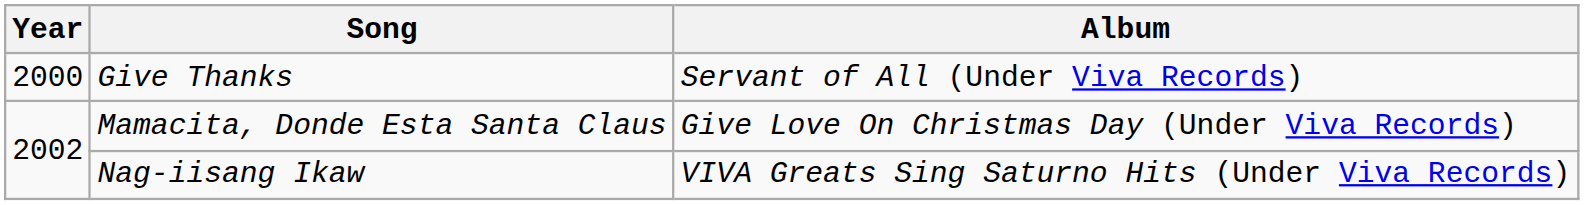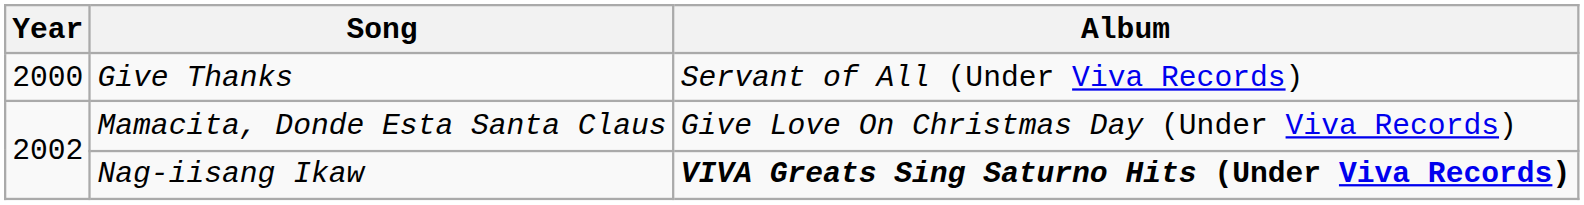 <table class="wikitable">
 <tr>
 <th>Year</th>
 <th>Song</th>
 <th>Album</th>
 </tr>
 <tr>
 <td>2000</td>
 <td><em>Give Thanks</em></td>
 <td><em>Servant of All</em> (Under <a href='#'>Viva Records</a>)</td>
 </tr>
 <tr>
 <td rowspan="2">2002</td>
 <td><em>Mamacita, Donde Esta Santa Claus</em></td>
 <td><em>Give Love On Christmas Day</em> (Under <a href='#'>Viva Records</a>)</td>
 </tr>
 <tr>
 <td><em>Nag-iisang Ikaw</em></td>
-<td><em>VIVA Greats Sing Saturno Hits</em> (Under <a href='#'>Viva Records</a>)</td>
+<td><strong><em>VIVA Greats Sing Saturno Hits</em> (Under <a href='#'>Viva Records</a>)</strong></td>
 </tr>
 </table>
